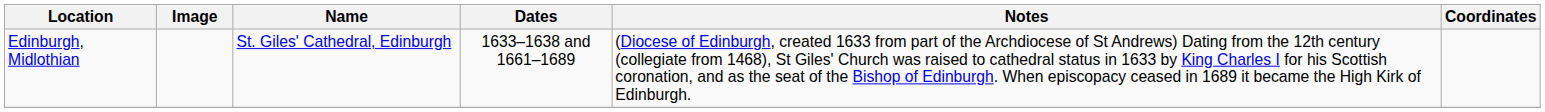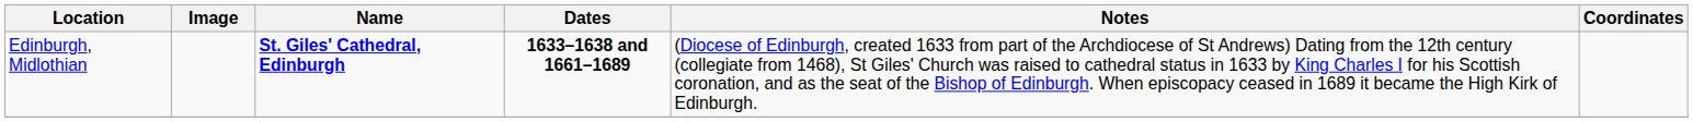 <table class="wikitable">
 <tr>
 <th width=10%>Location</th>
 <th width=5%>Image</th>
 <th width=15%>Name</th>
 <th width=10%>Dates</th>
 <th width=55%>Notes</th>
 <th width=5%>Coordinates</th>
 </tr>
 <tr valign=top>
 <td><a href='#'>Edinburgh</a>, <a href='#'>Midlothian</a></td>
 <td><br></td>
-<td><a href='#'>St. Giles' Cathedral, Edinburgh</a></td>
-<td style="text-align:center">1633–1638 and 1661–1689</td>
+<td><strong><a href='#'>St. Giles' Cathedral, Edinburgh</a></strong></td>
+<td style="text-align:center"><strong>1633–1638 and 1661–1689</strong></td>
 <td>(<a href='#'>Diocese of Edinburgh</a>, created 1633 from part of the Archdiocese of St Andrews) Dating from the 12th century (collegiate from 1468), St Giles' Church was raised to cathedral status in 1633 by <a href='#'>King Charles I</a> for his Scottish coronation, and as the seat of the <a href='#'>Bishop of Edinburgh</a>. When episcopacy ceased in 1689 it became the High Kirk of Edinburgh.</td>
 <td style="font-size:smaller"></td>
 </tr>
 <tr>
 </tr>
 </table>
